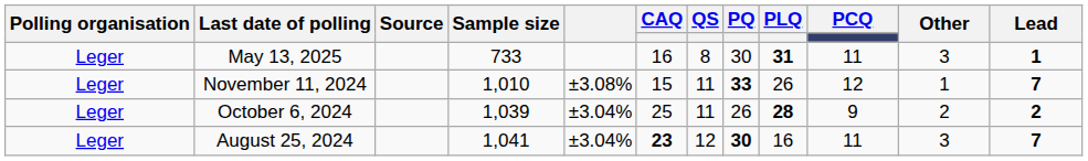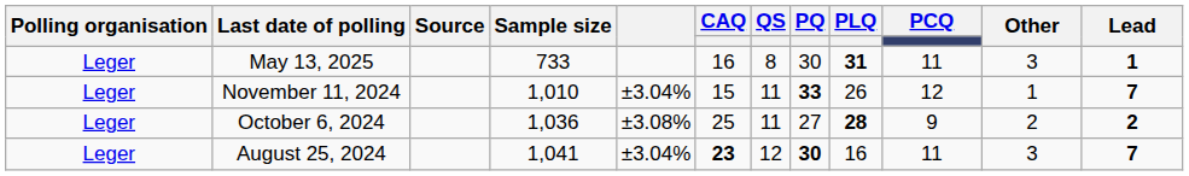 <table class="wikitable sortable mw-datatable" style="text-align:center;font-size:85%;line-height:14px">
 <tr>
 <th rowspan="2">Polling organisation</th>
 <th rowspan="2">Last date of polling</th>
 <th rowspan="2">Source</th>
 <th rowspan="2">Sample size</th>
 <th rowspan="2"></th>
 <th><a href='#'>CAQ</a></th>
 <th><a href='#'>QS</a></th>
 <th><a href='#'>PQ</a></th>
 <th><a href='#'>PLQ</a></th>
 <th><a href='#'>PCQ</a></th>
 <th style="width:60px;" rowspan="2">Other</th>
 <th style="width:60px;" rowspan="2">Lead</th>
 </tr>
 <tr class="sorttop">
 <th style="background-color:"></th>
 <th style="background-color:"></th>
 <th style="background-color:"></th>
 <th style="background-color:"></th>
 <th style="background-color:#313E6B; width:60px;"></th>
 </tr>
 <tr>
 <td><a href='#'>Leger</a></td>
 <td>May 13, 2025</td>
 <td></td>
 <td>733</td>
 <td></td>
 <td>16</td>
 <td>8</td>
 <td>30</td>
 <td style="background-color:"><strong>31</strong></td>
 <td>11</td>
 <td>3</td>
 <td style="background-color:"><strong>1</strong></td>
 </tr>
 <tr>
 <td><a href='#'>Leger</a></td>
 <td>November 11, 2024</td>
 <td></td>
 <td>1,010</td>
-<td>±3.08%</td>
+<td>±3.04%</td>
 <td>15</td>
 <td>11</td>
 <td style="background-color:"><strong>33</strong></td>
 <td>26</td>
 <td>12</td>
 <td>1</td>
 <td style="background-color:"><strong>7</strong></td>
 </tr>
 <tr>
 <td><a href='#'>Leger</a></td>
 <td>October 6, 2024</td>
 <td></td>
-<td>1,039</td>
-<td>±3.04%</td>
+<td>1,036</td>
+<td>±3.08%</td>
 <td>25</td>
 <td>11</td>
-<td>26</td>
+<td>27</td>
 <td style="background-color:"><strong>28</strong></td>
 <td>9</td>
 <td>2</td>
 <td style="background-color:"><strong>2</strong></td>
 </tr>
 <tr>
 <td><a href='#'>Leger</a></td>
 <td>August 25, 2024</td>
 <td></td>
 <td>1,041</td>
 <td>±3.04%</td>
 <td><strong>23</strong></td>
 <td>12</td>
 <td style="background-color:"><strong>30</strong></td>
 <td>16</td>
 <td>11</td>
 <td>3</td>
 <td style="background-color:"><strong>7</strong></td>
 </tr>
 </table>
